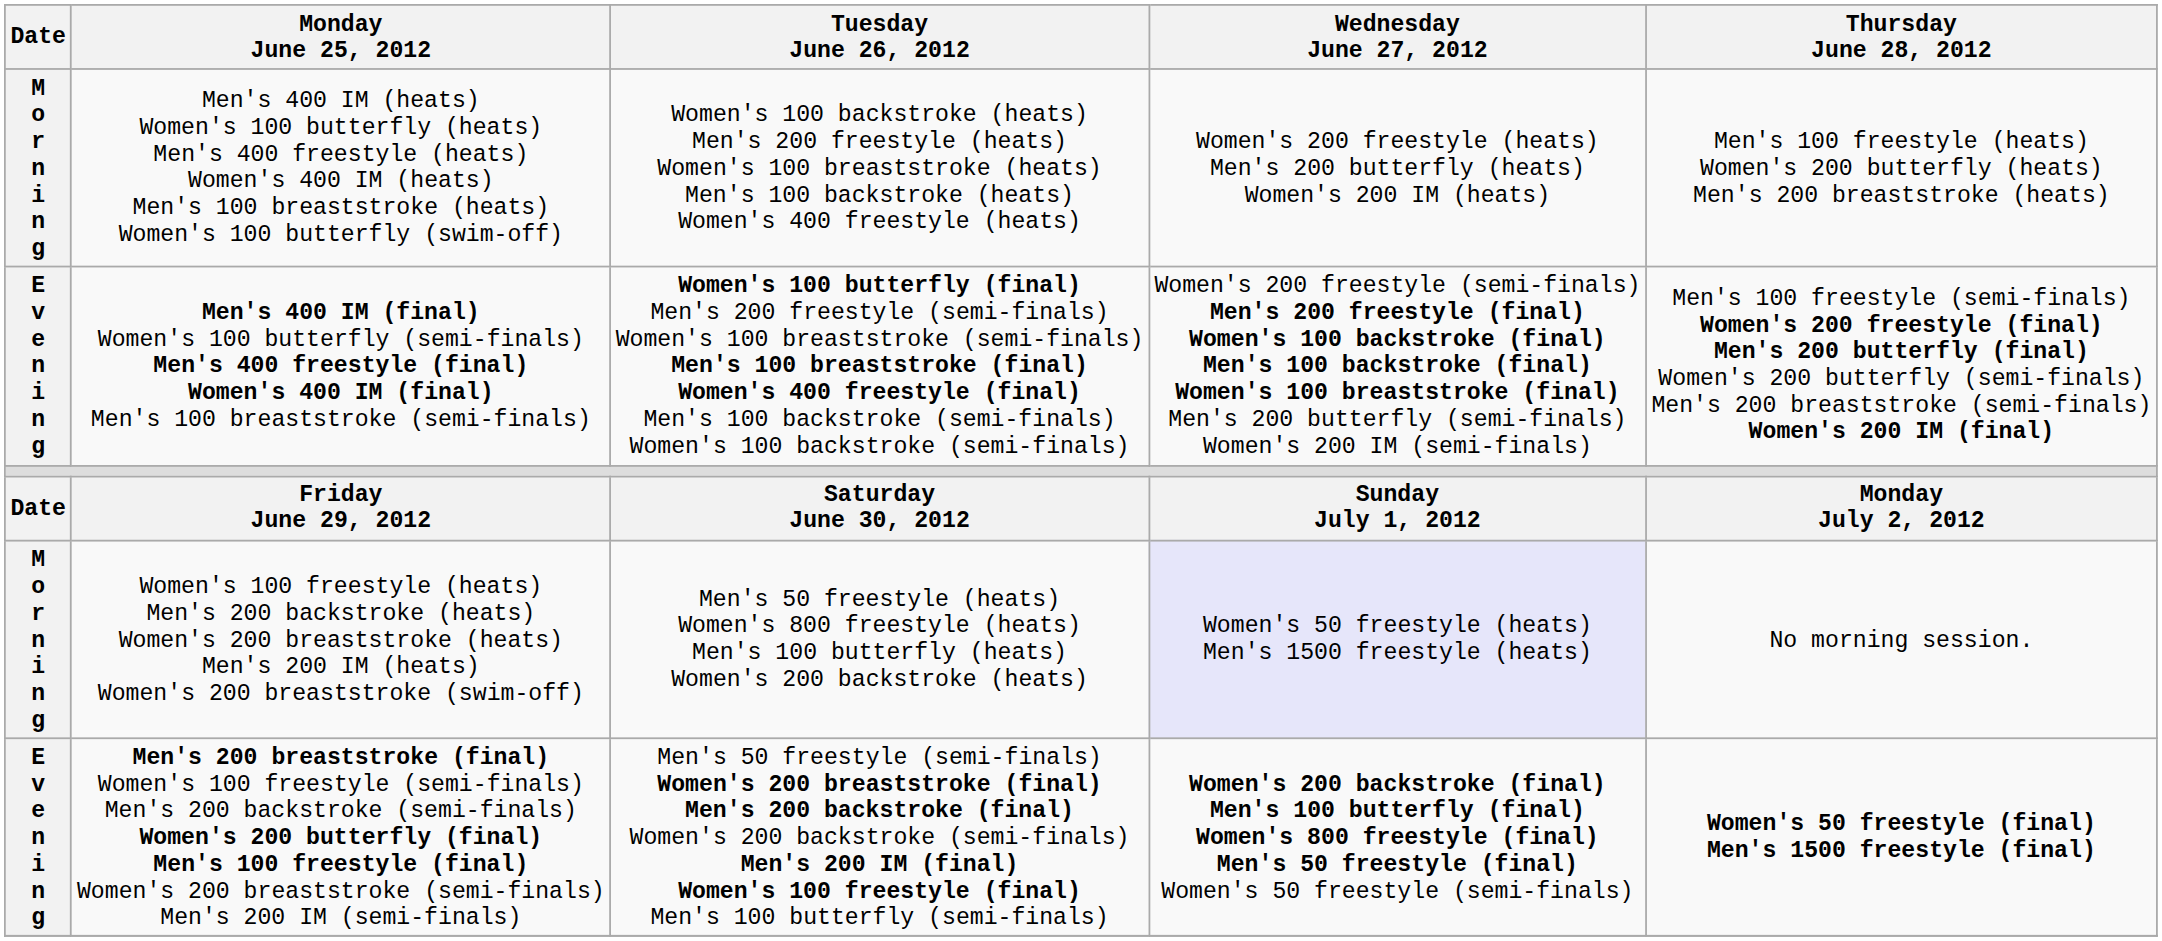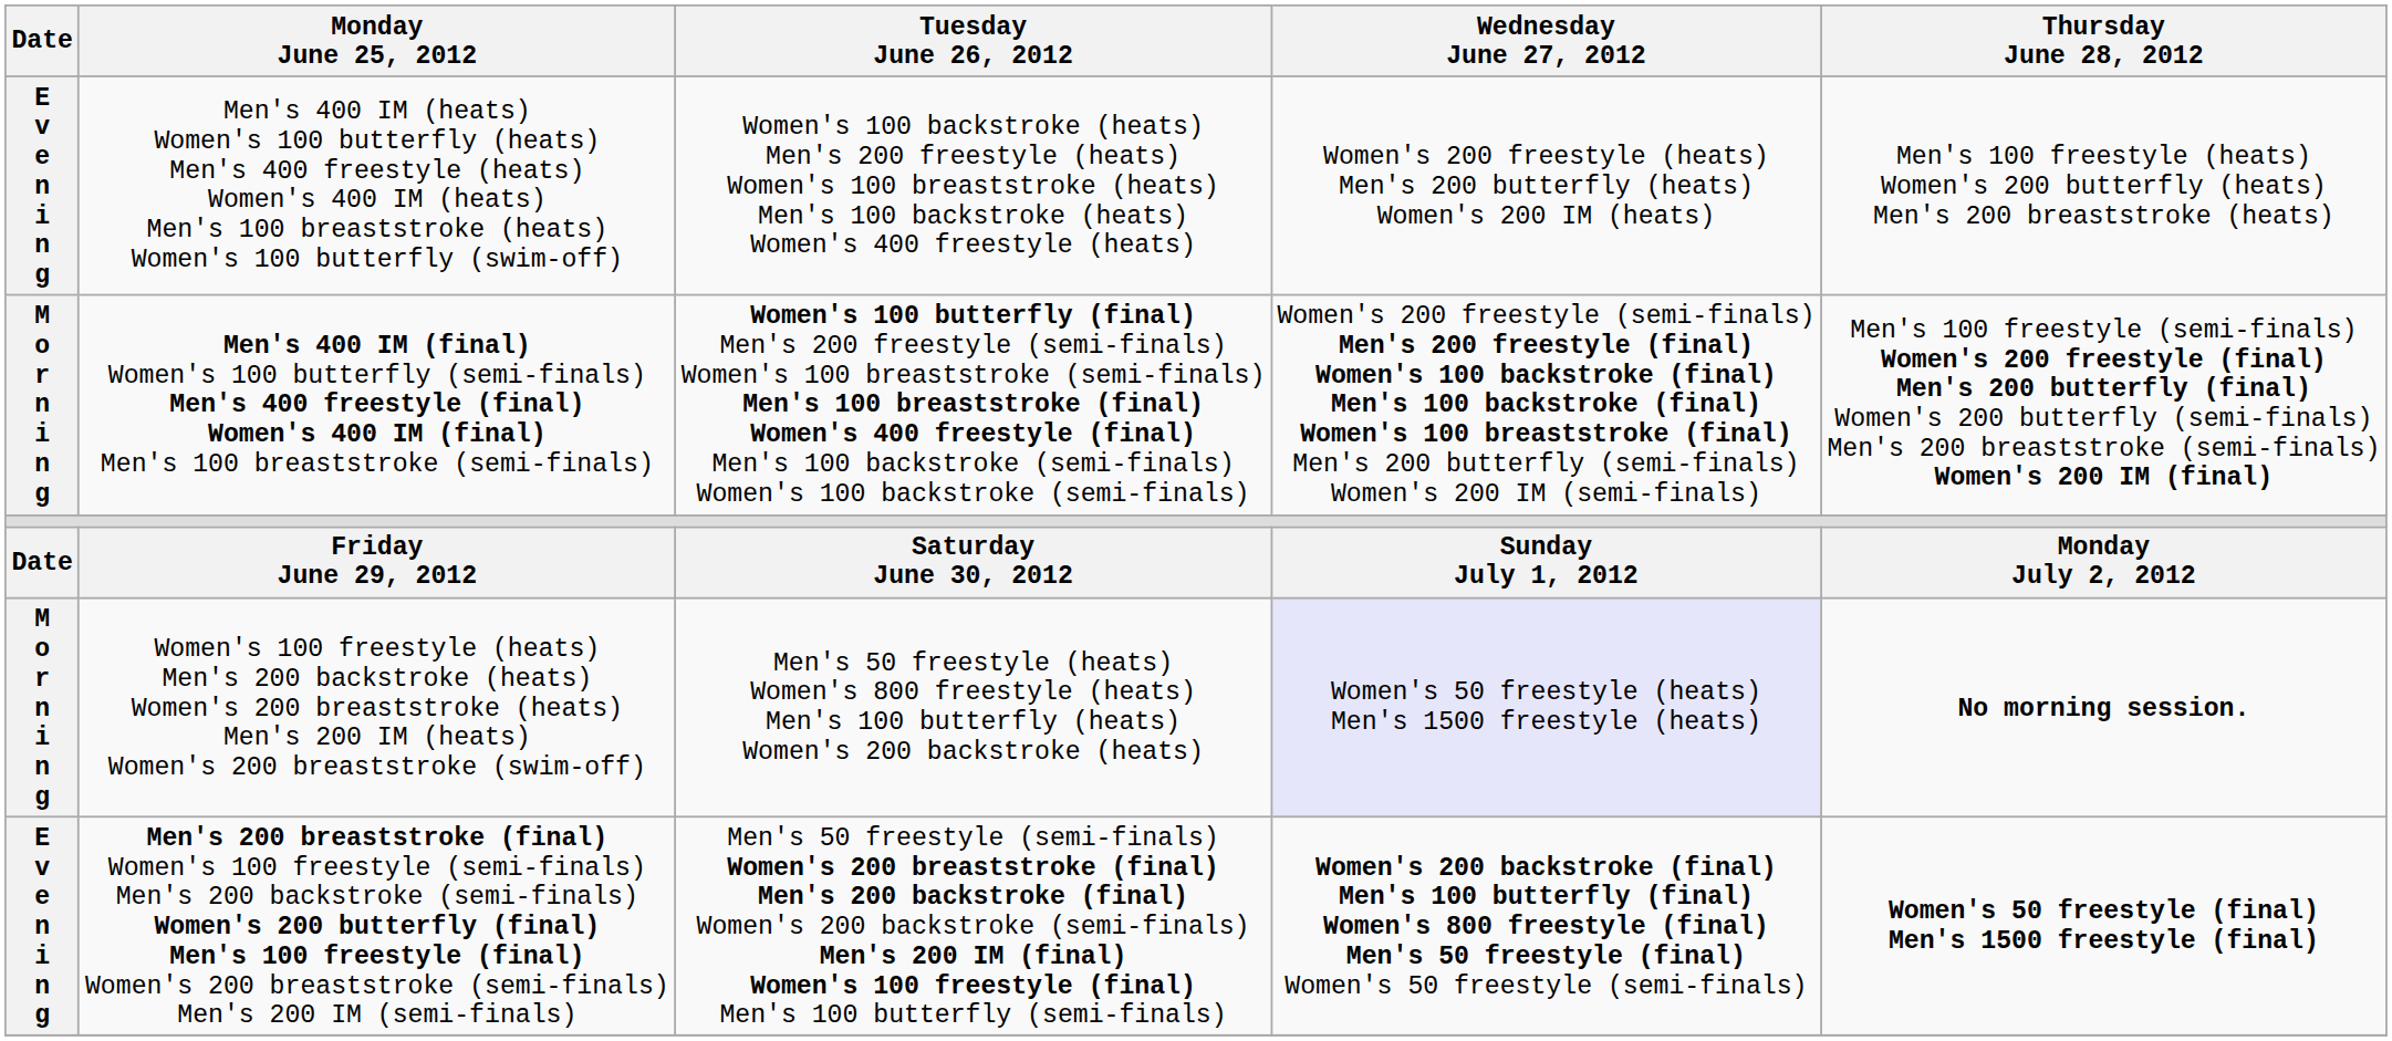 <table class=wikitable style="text-align:center">
 <tr bgcolor=#DDDDDD>
 <th>Date</th>
 <th>Monday <br> June 25, 2012</th>
 <th>Tuesday <br> June 26, 2012</th>
 <th>Wednesday <br> June 27, 2012</th>
 <th>Thursday <br> June 28, 2012</th>
 </tr>
 <tr>
-<th><strong>M<br> o<br> r<br> n<br> i<br> n<br> g</strong></th>
+<th><strong>E<br> v<br> e<br> n<br> i<br> n<br> g</strong></th>
 <td>Men's 400 IM (heats)<br>Women's 100 butterfly (heats)<br>Men's 400 freestyle (heats)<br>Women's 400 IM (heats)<br>Men's 100 breaststroke (heats)<br>Women's 100 butterfly (swim-off)</td>
 <td>Women's 100 backstroke (heats)<br>Men's 200 freestyle (heats)<br>Women's 100 breaststroke (heats)<br>Men's 100 backstroke (heats)<br>Women's 400 freestyle (heats)</td>
 <td>Women's 200 freestyle (heats)<br>Men's 200 butterfly (heats)<br>Women's 200 IM (heats)</td>
 <td>Men's 100 freestyle (heats)<br>Women's 200 butterfly (heats)<br>Men's 200 breaststroke (heats)</td>
 </tr>
 <tr>
-<th><strong>E<br> v<br> e<br> n<br> i<br> n<br> g</strong></th>
+<th><strong>M<br> o<br> r<br> n<br> i<br> n<br> g</strong></th>
 <td><strong>Men's 400 IM (final)</strong><br>Women's 100 butterfly (semi-finals)<br><strong>Men's 400 freestyle (final)</strong><br><strong>Women's 400 IM (final)</strong><br>Men's 100 breaststroke (semi-finals)</td>
 <td><strong>Women's 100 butterfly (final)</strong><br>Men's 200 freestyle (semi-finals)<br>Women's 100 breaststroke (semi-finals)<br><strong>Men's 100 breaststroke (final)</strong><br><strong>Women's 400 freestyle (final)</strong><br>Men's 100 backstroke (semi-finals)<br>Women's 100 backstroke (semi-finals)</td>
 <td>Women's 200 freestyle (semi-finals)<br><strong>Men's 200 freestyle (final)</strong><br><strong>Women's 100 backstroke (final)</strong><br><strong>Men's 100 backstroke (final)</strong><br><strong>Women's 100 breaststroke (final)</strong><br>Men's 200 butterfly (semi-finals)<br>Women's 200 IM (semi-finals)</td>
 <td>Men's 100 freestyle (semi-finals)<br><strong>Women's 200 freestyle (final)</strong><br><strong>Men's 200 butterfly (final)</strong><br>Women's 200 butterfly (semi-finals)<br>Men's 200 breaststroke (semi-finals)<br><strong>Women's 200 IM (final)</strong></td>
 </tr>
 <tr>
 <td bgcolor=#DDDDDD colspan=7></td>
 </tr>
 <tr bgcolor=#DDDDDD>
 <th>Date</th>
 <th>Friday <br> June 29, 2012</th>
 <th>Saturday <br> June 30, 2012</th>
 <th>Sunday <br> July 1, 2012</th>
 <th>Monday <br> July 2, 2012</th>
 </tr>
 <tr>
 <th><strong>M<br> o<br> r<br> n<br> i<br> n<br> g</strong></th>
 <td>Women's 100 freestyle (heats)<br>Men's 200 backstroke (heats)<br>Women's 200 breaststroke (heats)<br>Men's 200 IM (heats)<br>Women's 200 breaststroke (swim-off)</td>
 <td>Men's 50 freestyle (heats)<br>Women's 800 freestyle (heats)<br>Men's 100 butterfly (heats)<br>Women's 200 backstroke (heats)</td>
 <td style="background: lavender;">Women's 50 freestyle (heats)<br>Men's 1500 freestyle (heats)</td>
-<td>No morning session.</td>
+<td><strong>No morning session.</strong></td>
 </tr>
 <tr>
 <th><strong>E<br> v<br> e<br> n<br> i<br> n<br> g</strong></th>
 <td><strong>Men's 200 breaststroke (final)</strong><br>Women's 100 freestyle (semi-finals)<br>Men's 200 backstroke (semi-finals)<br><strong>Women's 200 butterfly (final)</strong><br><strong>Men's 100 freestyle (final)</strong><br>Women's 200 breaststroke (semi-finals)<br>Men's 200 IM (semi-finals)</td>
 <td>Men's 50 freestyle (semi-finals)<br><strong>Women's 200 breaststroke (final)</strong><br><strong>Men's 200 backstroke (final)</strong><br>Women's 200 backstroke (semi-finals)<br><strong>Men's 200 IM (final)</strong><br><strong>Women's 100 freestyle (final)</strong><br>Men's 100 butterfly (semi-finals)</td>
 <td><strong>Women's 200 backstroke (final)</strong><br><strong>Men's 100 butterfly (final)</strong><br><strong>Women's 800 freestyle (final)</strong><br><strong>Men's 50 freestyle (final)</strong><br>Women's 50 freestyle (semi-finals)</td>
 <td><strong>Women's 50 freestyle (final)</strong><br><strong>Men's 1500 freestyle (final)</strong></td>
 </tr>
 <tr>
 </tr>
 </table>
